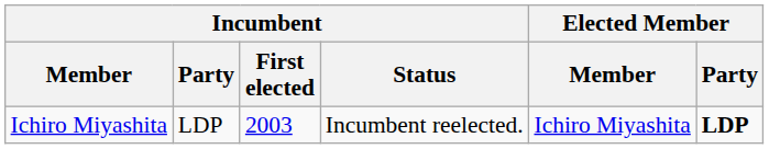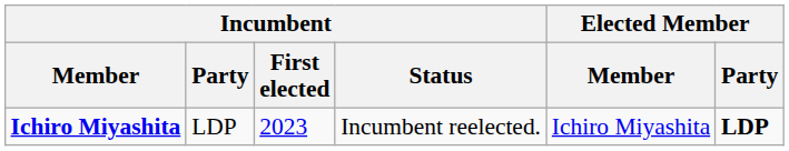 <table class="wikitable sortable">
 <tr>
 <th colspan=4>Incumbent</th>
 <th colspan=2>Elected Member</th>
 </tr>
 <tr>
 <th>Member</th>
 <th>Party</th>
 <th>First<br>elected</th>
 <th>Status</th>
 <th>Member</th>
 <th>Party</th>
 </tr>
 <tr>
-<td><a href='#'>Ichiro Miyashita</a></td>
+<td><strong><a href='#'>Ichiro Miyashita</a></strong></td>
 <td>LDP</td>
-<td><a href='#'>2003</a></td>
+<td><a href='#'>2023</a></td>
 <td>Incumbent reelected.</td>
 <td><a href='#'>Ichiro Miyashita</a></td>
 <td><strong>LDP</strong></td>
 </tr>
 </table>
